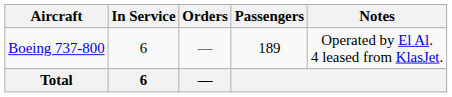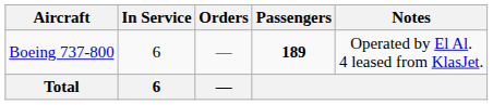 <table class="wikitable" style="margin:1em auto; border-collapse:collapse;text-align:center">
 <tr>
 <th>Aircraft</th>
 <th>In Service</th>
 <th>Orders</th>
 <th>Passengers</th>
 <th>Notes</th>
 </tr>
 <tr>
 <td><a href='#'>Boeing 737-800</a></td>
 <td>6</td>
 <td>—</td>
-<td>189</td>
+<td><strong>189</strong></td>
 <td>Operated by <a href='#'>El Al</a>.<br> 4 leased from <a href='#'>KlasJet</a>.</td>
 </tr>
 <tr>
 <th>Total</th>
 <th>6</th>
 <th>—</th>
 <th colspan="2"></th>
 </tr>
 </table>
